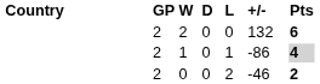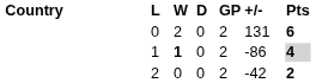 <table>
 <tr ---->
 <td width="150"><strong>Country</strong></td>
-<td width="20"><strong>GP</strong></td>
+<td width="20"><strong>L</strong></td>
 <td width="20"><strong>W</strong></td>
 <td width="20"><strong>D</strong></td>
-<td width="20"><strong>L</strong></td>
+<td width="20"><strong>GP</strong></td>
 <td width="40"><strong>+/-</strong></td>
 <td width="20"><strong>Pts</strong></td>
 </tr>
 <tr ---->
 <td></td>
-<td>2</td>
+<td>0</td>
 <td>2</td>
 <td>0</td>
-<td>0</td>
-<td>132</td>
+<td>2</td>
+<td>131</td>
 <td><strong>6</strong></td>
 </tr>
 <tr ---->
 <td></td>
+<td>1</td>
+<td><strong>1</strong></td>
+<td>0</td>
 <td>2</td>
-<td>1</td>
-<td>0</td>
-<td>1</td>
 <td>-86</td>
 <td style="background: lightgrey;"><strong>4</strong></td>
 </tr>
 <tr ---->
 <td></td>
 <td>2</td>
 <td>0</td>
 <td>0</td>
 <td>2</td>
-<td>-46</td>
+<td>-42</td>
 <td><strong>2</strong></td>
 </tr>
 </table>
